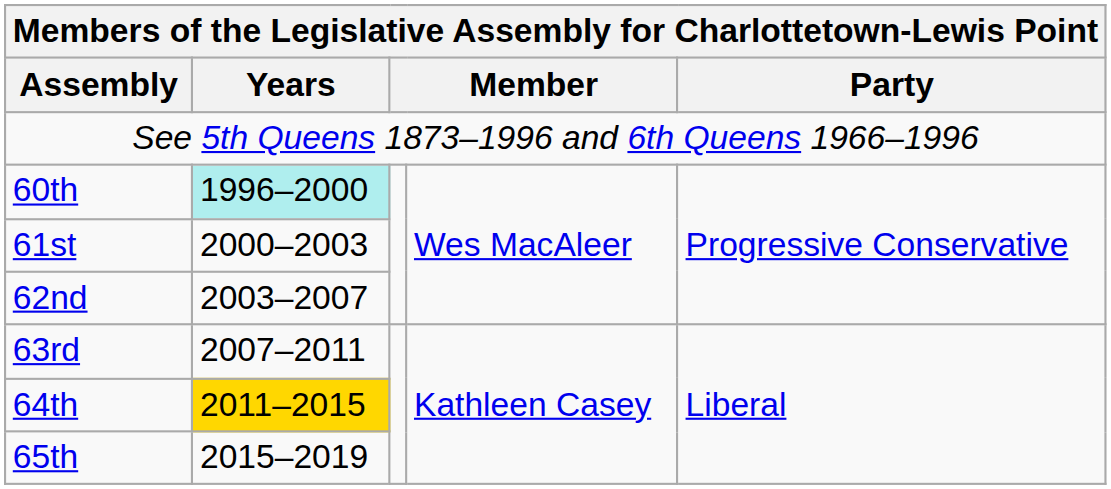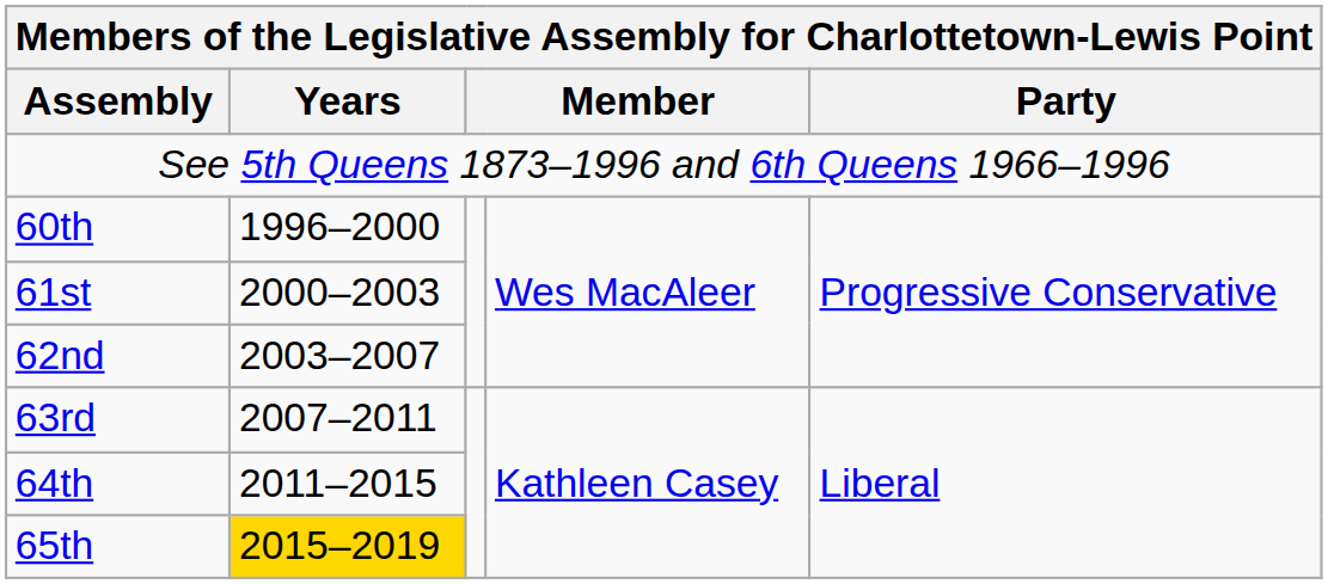 <table class="wikitable" align=centre>
 <tr>
 <th colspan=5>Members of the Legislative Assembly for Charlottetown-Lewis Point</th>
 </tr>
 <tr>
 <th>Assembly</th>
 <th>Years</th>
 <th colspan="2">Member</th>
 <th>Party</th>
 </tr>
 <tr>
 <td align="center" colspan=5><em>See <a href='#'>5th Queens</a> 1873–1996 and <a href='#'>6th Queens</a> 1966–1996</em></td>
 </tr>
 <tr>
 <td><a href='#'>60th</a></td>
-<td style="background: paleturquoise;">1996–2000</td>
+<td>1996–2000</td>
 <td rowspan=3 ></td>
 <td rowspan=3><a href='#'>Wes MacAleer</a></td>
 <td rowspan=3><a href='#'>Progressive Conservative</a></td>
 </tr>
 <tr>
 <td><a href='#'>61st</a></td>
 <td>2000–2003</td>
 </tr>
 <tr>
 <td><a href='#'>62nd</a></td>
 <td>2003–2007</td>
 </tr>
 <tr>
 <td><a href='#'>63rd</a></td>
 <td>2007–2011</td>
 <td rowspan=3 ></td>
 <td rowspan=3><a href='#'>Kathleen Casey</a></td>
 <td rowspan=3><a href='#'>Liberal</a></td>
 </tr>
 <tr>
 <td><a href='#'>64th</a></td>
-<td style="background: gold;">2011–2015</td>
+<td>2011–2015</td>
 </tr>
 <tr>
 <td><a href='#'>65th</a></td>
-<td>2015–2019</td>
+<td style="background: gold;">2015–2019</td>
 </tr>
 </table>
